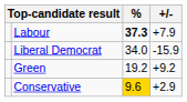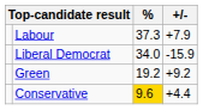 <table class="wikitable">
 <tr>
 <th colspan="2">Top-candidate result</th>
 <th>%</th>
 <th>+/-</th>
 </tr>
 <tr>
 <td style="background-color: "></td>
 <td><a href='#'>Labour</a></td>
-<td><strong>37.3</strong></td>
+<td>37.3</td>
 <td>+7.9</td>
 </tr>
 <tr>
 <td style="background-color: "></td>
 <td><a href='#'>Liberal Democrat</a></td>
 <td>34.0</td>
 <td>-15.9</td>
 </tr>
 <tr>
 <td style="background-color: "></td>
 <td><a href='#'>Green</a></td>
 <td>19.2</td>
 <td>+9.2</td>
 </tr>
 <tr>
 <td style="background-color: "></td>
 <td><a href='#'>Conservative</a></td>
 <td style="background: gold;">9.6</td>
-<td>+2.9</td>
+<td>+4.4</td>
 </tr>
 </table>
